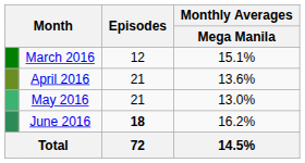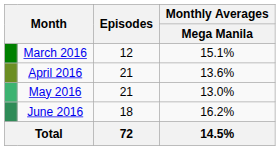 <table class="wikitable plainrowheaders" style="text-align: center; line-height:25px;">
 <tr class="wikitable" style="text-align: center;">
 <th colspan="2" rowspan="2" style="padding: 0 8px;">Month</th>
 <th rowspan="2" style="padding: 0 8px;">Episodes</th>
 <th colspan="2" style="padding: 0 8px;">Monthly Averages</th>
 </tr>
 <tr>
 <th style="padding: 0 8px;">Mega Manila</th>
 </tr>
 <tr>
 <td style="padding: 0 8px; background:#008000;"></td>
 <td style="padding: 0 8px;" '><a href='#'>March 2016</a></td>
 <td style="padding: 0 8px;">12</td>
 <td style="padding: 0 8px;">15.1%</td>
 </tr>
 <tr>
 <td style="padding: 0 8px; background:#6B8E23;"></td>
 <td style="padding: 0 8px;" '><a href='#'>April 2016</a></td>
 <td style="padding: 0 8px;">21</td>
 <td style="padding: 0 8px;">13.6%</td>
 </tr>
 <tr>
 <td style="padding: 0 8px; background:#3CB371;"></td>
 <td style="padding: 0 8px;" '><a href='#'>May 2016</a></td>
 <td style="padding: 0 8px;">21</td>
 <td style="padding: 0 8px;">13.0%</td>
 </tr>
 <tr>
 <td style="padding: 0 8px; background:#2E8B57;"></td>
 <td style="padding: 0 8px;" '><a href='#'>June 2016</a></td>
-<td style="padding: 0 8px;"><strong>18</strong></td>
+<td style="padding: 0 8px;">18</td>
 <td style="padding: 0 8px;">16.2%</td>
 </tr>
 <tr>
 <th colspan="2">Total</th>
 <th colspan="1">72</th>
 <th colspan="2">14.5%</th>
 </tr>
 </table>
